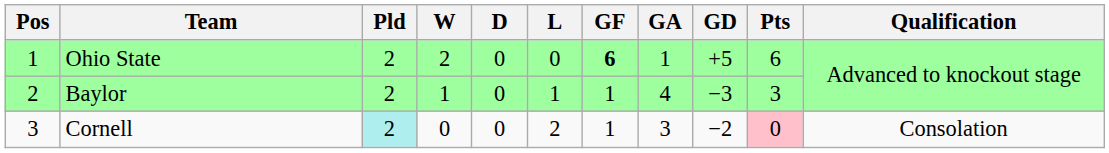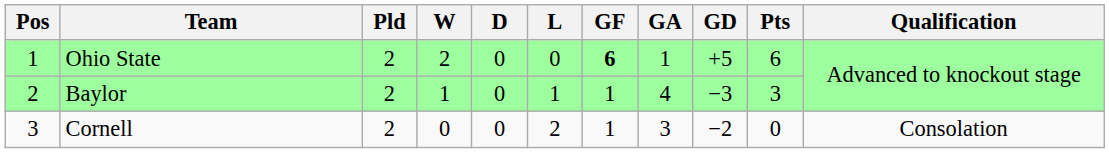 <table class="wikitable" style="text-align:center; margin: 1em auto">
 <tr>
 <th style="width:2em">Pos</th>
 <th style="width:13em">Team</th>
 <th style="width:2em">Pld</th>
 <th style="width:2em">W</th>
 <th style="width:2em">D</th>
 <th style="width:2em">L</th>
 <th style="width:2em">GF</th>
 <th style="width:2em">GA</th>
 <th style="width:2em">GD</th>
 <th style="width:2em">Pts</th>
 <th style="width:13em">Qualification</th>
 </tr>
 <tr bgcolor="#9eff9e">
 <td>1</td>
 <td style="text-align:left">Ohio State</td>
 <td>2</td>
 <td>2</td>
 <td>0</td>
 <td>0</td>
 <td><strong>6</strong></td>
 <td>1</td>
 <td>+5</td>
 <td>6</td>
 <td rowspan="2">Advanced to knockout stage</td>
 </tr>
 <tr bgcolor="#9eff9e">
 <td>2</td>
 <td style="text-align:left">Baylor</td>
 <td>2</td>
 <td>1</td>
 <td>0</td>
 <td>1</td>
 <td>1</td>
 <td>4</td>
 <td>−3</td>
 <td>3</td>
 </tr>
 <tr>
 <td>3</td>
 <td style="text-align:left">Cornell</td>
-<td style="background: paleturquoise;">2</td>
+<td>2</td>
 <td>0</td>
 <td>0</td>
 <td>2</td>
 <td>1</td>
 <td>3</td>
 <td>−2</td>
-<td style="background: pink;">0</td>
+<td>0</td>
 <td>Consolation</td>
 </tr>
 </table>
